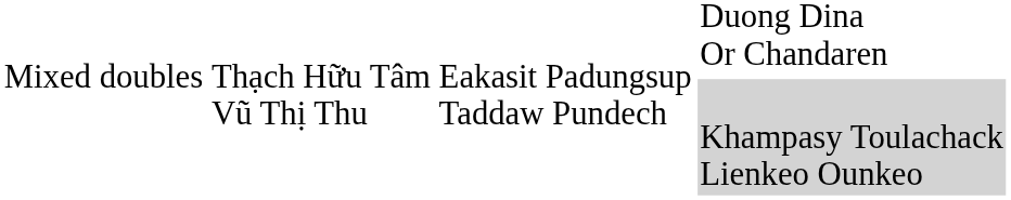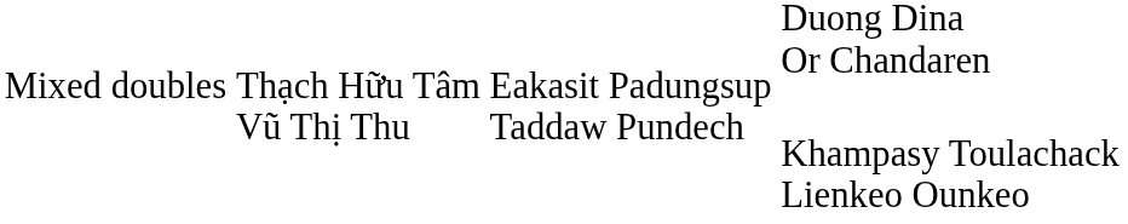 <table>
 <tr>
 <td rowspan=2>Mixed doubles</td>
 <td rowspan=2 nowrap=true><br>Thạch Hữu Tâm<br>Vũ Thị Thu</td>
 <td rowspan=2 nowrap=true><br>Eakasit Padungsup<br>Taddaw Pundech</td>
 <td><br>Duong Dina<br>Or Chandaren</td>
 </tr>
 <tr>
-<td nowrap=true style="background: lightgrey;"><br>Khampasy Toulachack<br>Lienkeo Ounkeo</td>
+<td nowrap=true><br>Khampasy Toulachack<br>Lienkeo Ounkeo</td>
 </tr>
 <tr>
 </tr>
 </table>
